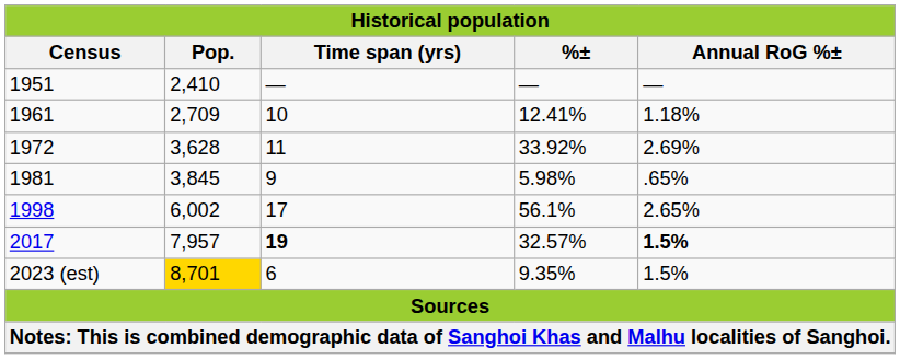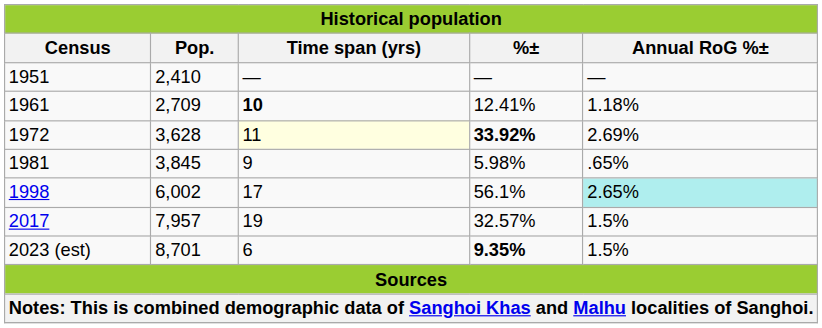 <table class="sortable wikitable">
 <tr>
 <th colspan="5" style="text-align:center; background:YellowGreen;"><strong>Historical population</strong></th>
 </tr>
 <tr>
 <th>Census</th>
 <th>Pop.</th>
 <th>Time span (yrs)</th>
 <th>%±</th>
 <th>Annual RoG %±</th>
 </tr>
 <tr>
 <td>1951</td>
 <td>2,410</td>
 <td>—</td>
 <td>—</td>
 <td>—</td>
 </tr>
 <tr>
 <td>1961</td>
 <td>2,709</td>
-<td>10</td>
+<td><strong>10</strong></td>
 <td>12.41%</td>
 <td>1.18%</td>
 </tr>
 <tr>
 <td>1972</td>
 <td>3,628</td>
-<td>11</td>
-<td>33.92%</td>
+<td style="background: lightyellow;">11</td>
+<td><strong>33.92%</strong></td>
 <td>2.69%</td>
 </tr>
 <tr>
 <td>1981</td>
 <td>3,845</td>
 <td>9</td>
 <td>5.98%</td>
 <td>.65%</td>
 </tr>
 <tr>
 <td><a href='#'>1998</a></td>
 <td>6,002</td>
 <td>17</td>
 <td>56.1%</td>
-<td>2.65%</td>
+<td style="background: paleturquoise;">2.65%</td>
 </tr>
 <tr>
 <td><a href='#'>2017</a></td>
 <td>7,957</td>
-<td><strong>19</strong></td>
+<td>19</td>
 <td>32.57%</td>
-<td><strong>1.5%</strong></td>
+<td>1.5%</td>
 </tr>
 <tr>
 <td>2023 (est)</td>
-<td style="background: gold;">8,701</td>
+<td>8,701</td>
 <td>6</td>
-<td>9.35%</td>
+<td><strong>9.35%</strong></td>
 <td>1.5%</td>
 </tr>
 <tr>
 <th colspan="5" style="text-align:center; background:YellowGreen;"><strong>Sources</strong></th>
 </tr>
 <tr>
 <th colspan="5" style="text-align:center;">Notes: This is combined demographic data of <a href='#'>Sanghoi Khas</a> and <a href='#'>Malhu</a> localities of Sanghoi.</th>
 </tr>
 <tr>
 </tr>
 </table>
